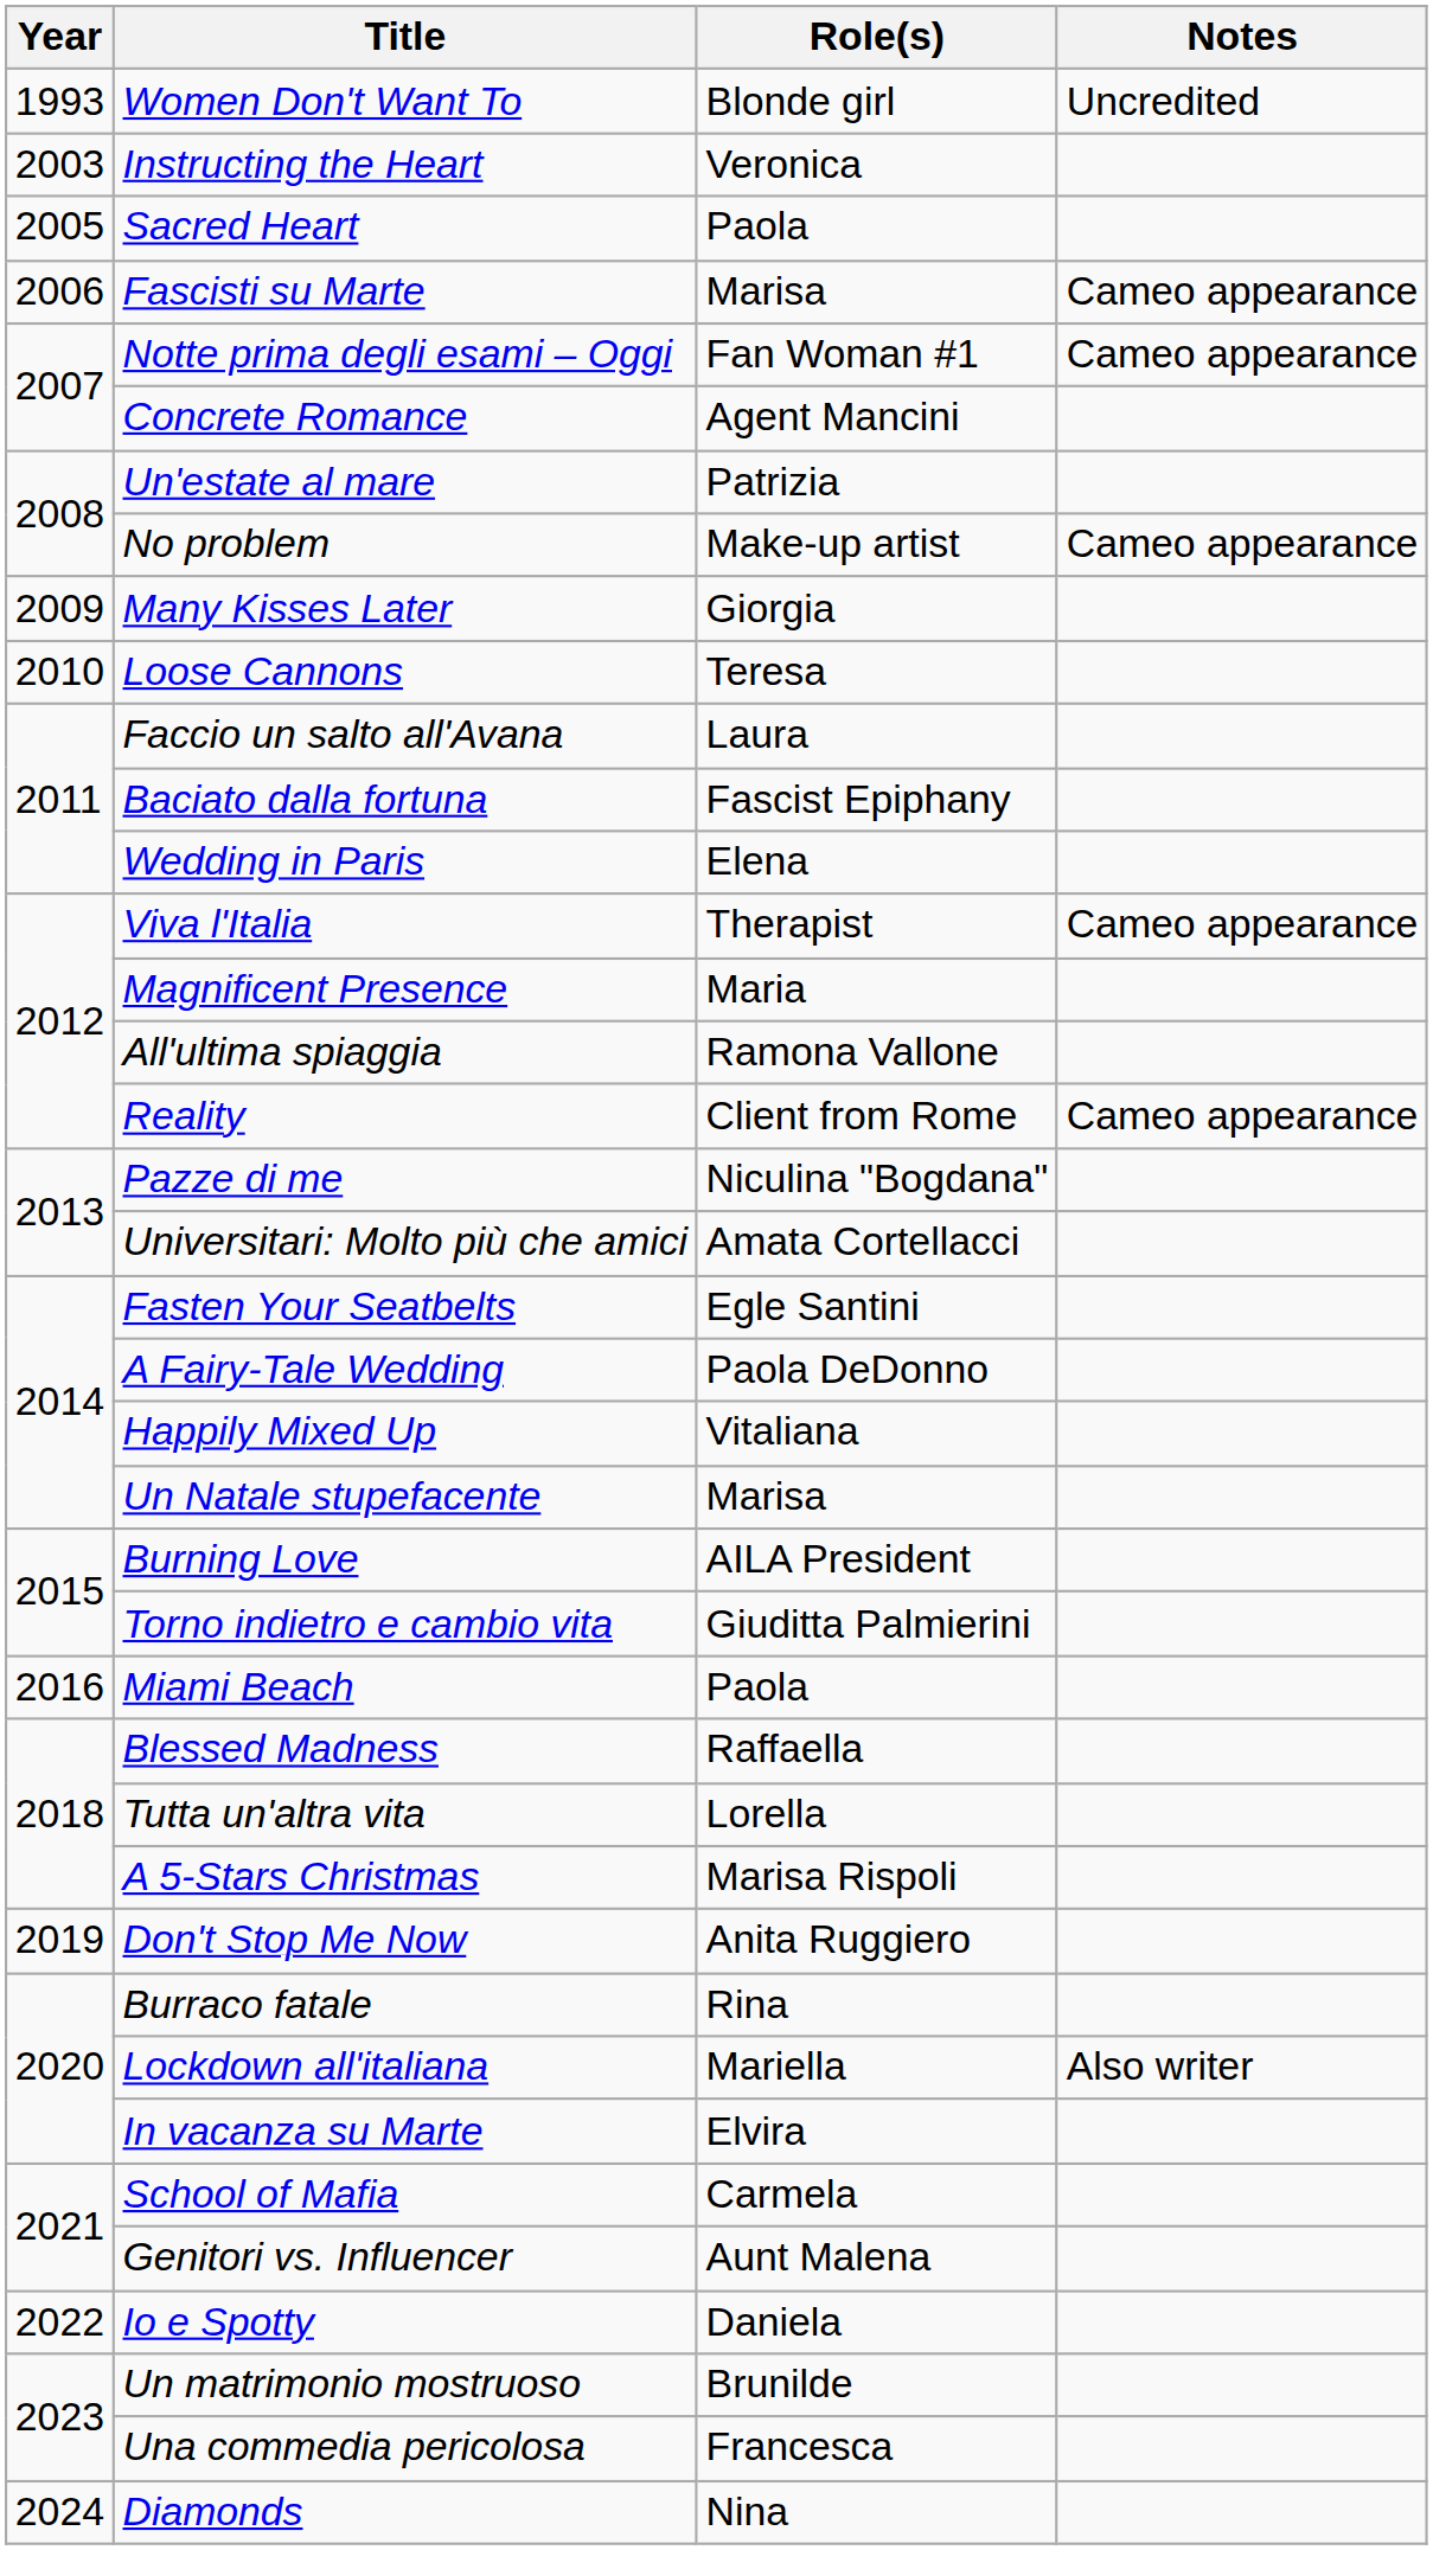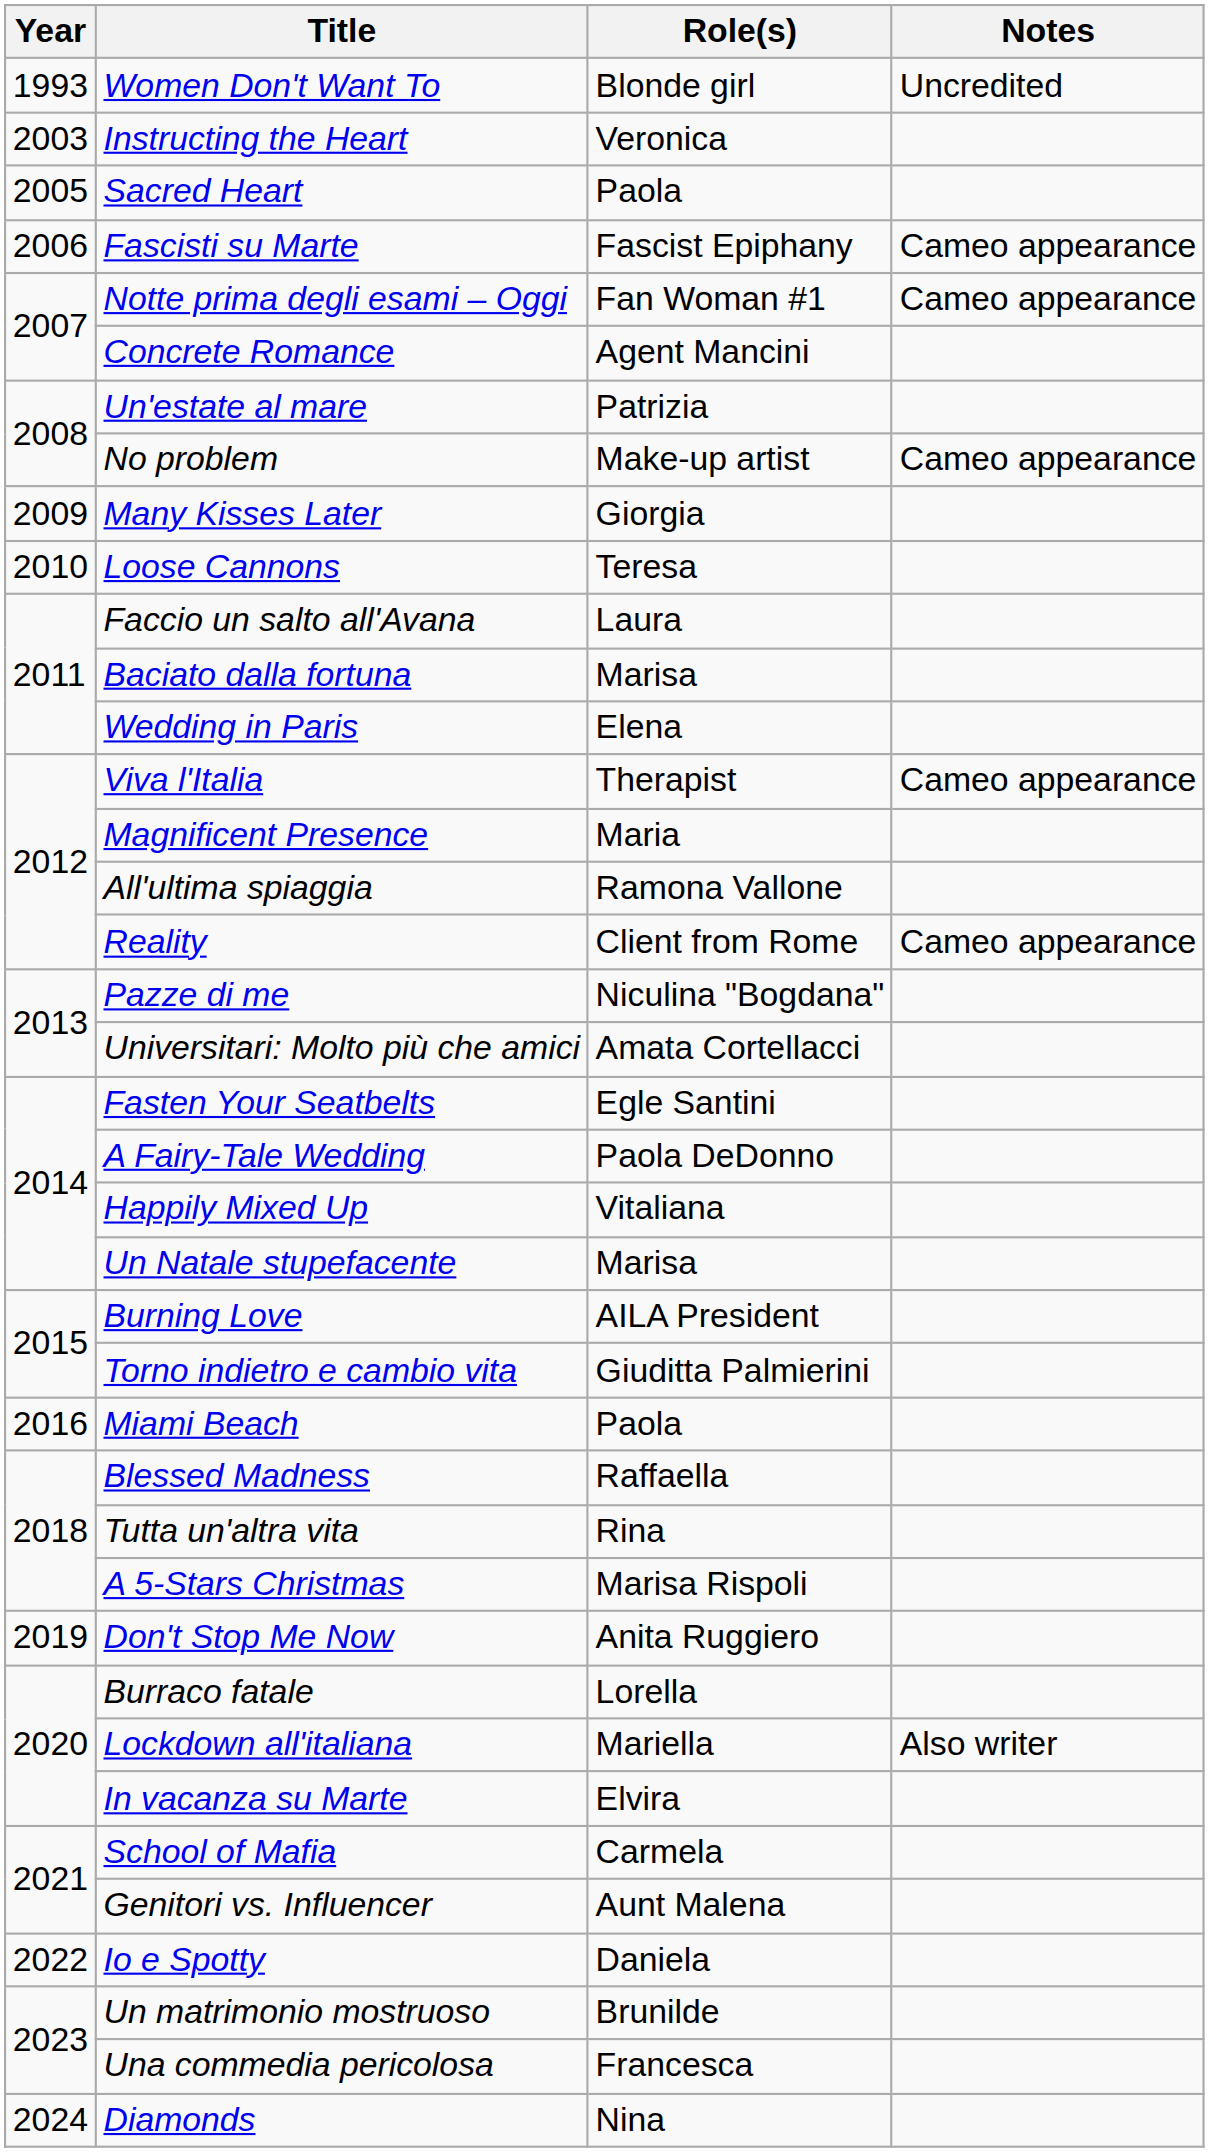 <table class="wikitable plainrowheaders sortable">
 <tr>
 <th scope="col">Year</th>
 <th scope="col">Title</th>
 <th scope="col">Role(s)</th>
 <th scope="col" class="unsortable">Notes</th>
 </tr>
 <tr>
 <td>1993</td>
 <td><em><a href='#'>Women Don't Want To</a></em></td>
 <td>Blonde girl</td>
 <td>Uncredited</td>
 </tr>
 <tr>
 <td>2003</td>
 <td><em><a href='#'>Instructing the Heart</a></em></td>
 <td>Veronica</td>
 <td></td>
 </tr>
 <tr>
 <td>2005</td>
 <td><em><a href='#'>Sacred Heart</a></em></td>
 <td>Paola</td>
 <td></td>
 </tr>
 <tr>
 <td>2006</td>
 <td><em><a href='#'>Fascisti su Marte</a></em></td>
-<td>Marisa</td>
+<td>Fascist Epiphany</td>
 <td>Cameo appearance</td>
 </tr>
 <tr>
 <td rowspan="2">2007</td>
 <td><em><a href='#'>Notte prima degli esami – Oggi</a></em></td>
 <td>Fan Woman #1</td>
 <td>Cameo appearance</td>
 </tr>
 <tr>
 <td><em><a href='#'>Concrete Romance</a></em></td>
 <td>Agent Mancini</td>
 <td></td>
 </tr>
 <tr>
 <td rowspan="2">2008</td>
 <td><em><a href='#'>Un'estate al mare</a></em></td>
 <td>Patrizia</td>
 <td></td>
 </tr>
 <tr>
 <td><em>No problem</em></td>
 <td>Make-up artist</td>
 <td>Cameo appearance</td>
 </tr>
 <tr>
 <td>2009</td>
 <td><em><a href='#'>Many Kisses Later</a></em></td>
 <td>Giorgia</td>
 <td></td>
 </tr>
 <tr>
 <td>2010</td>
 <td><em><a href='#'>Loose Cannons</a></em></td>
 <td>Teresa</td>
 <td></td>
 </tr>
 <tr>
 <td rowspan="3">2011</td>
 <td><em>Faccio un salto all'Avana</em></td>
 <td>Laura</td>
 <td></td>
 </tr>
 <tr>
 <td><em><a href='#'>Baciato dalla fortuna</a></em></td>
-<td>Fascist Epiphany</td>
+<td>Marisa</td>
 <td></td>
 </tr>
 <tr>
 <td><em><a href='#'>Wedding in Paris</a></em></td>
 <td>Elena</td>
 <td></td>
 </tr>
 <tr>
 <td rowspan="4">2012</td>
 <td><em><a href='#'>Viva l'Italia</a></em></td>
 <td>Therapist</td>
 <td>Cameo appearance</td>
 </tr>
 <tr>
 <td><em><a href='#'>Magnificent Presence</a></em></td>
 <td>Maria</td>
 <td></td>
 </tr>
 <tr>
 <td><em>All'ultima spiaggia</em></td>
 <td>Ramona Vallone</td>
 <td></td>
 </tr>
 <tr>
 <td><em><a href='#'>Reality</a></em></td>
 <td>Client from Rome</td>
 <td>Cameo appearance</td>
 </tr>
 <tr>
 <td rowspan="2">2013</td>
 <td><em><a href='#'>Pazze di me</a></em></td>
 <td>Niculina "Bogdana"</td>
 <td></td>
 </tr>
 <tr>
 <td><em>Universitari: Molto più che amici</em></td>
 <td>Amata Cortellacci</td>
 <td></td>
 </tr>
 <tr>
 <td rowspan="4">2014</td>
 <td><em><a href='#'>Fasten Your Seatbelts</a></em></td>
 <td>Egle Santini</td>
 <td></td>
 </tr>
 <tr>
 <td><em><a href='#'>A Fairy-Tale Wedding</a></em></td>
 <td>Paola DeDonno</td>
 <td></td>
 </tr>
 <tr>
 <td><em><a href='#'>Happily Mixed Up</a></em></td>
 <td>Vitaliana</td>
 <td></td>
 </tr>
 <tr>
 <td><em><a href='#'>Un Natale stupefacente</a></em></td>
 <td>Marisa</td>
 <td></td>
 </tr>
 <tr>
 <td rowspan="2">2015</td>
 <td><em><a href='#'>Burning Love</a></em></td>
 <td>AILA President</td>
 <td></td>
 </tr>
 <tr>
 <td><em><a href='#'>Torno indietro e cambio vita</a></em></td>
 <td>Giuditta Palmierini</td>
 <td></td>
 </tr>
 <tr>
 <td>2016</td>
 <td><em><a href='#'>Miami Beach</a></em></td>
 <td>Paola</td>
 <td></td>
 </tr>
 <tr>
 <td rowspan="3">2018</td>
 <td><em><a href='#'>Blessed Madness</a></em></td>
 <td>Raffaella</td>
 <td></td>
 </tr>
 <tr>
 <td><em>Tutta un'altra vita</em></td>
-<td>Lorella</td>
+<td>Rina</td>
 <td></td>
 </tr>
 <tr>
 <td><em><a href='#'>A 5-Stars Christmas</a></em></td>
 <td>Marisa Rispoli</td>
 <td></td>
 </tr>
 <tr>
 <td>2019</td>
 <td><em><a href='#'>Don't Stop Me Now</a></em></td>
 <td>Anita Ruggiero</td>
 <td></td>
 </tr>
 <tr>
 <td rowspan="3">2020</td>
 <td><em>Burraco fatale</em></td>
-<td>Rina</td>
+<td>Lorella</td>
 <td></td>
 </tr>
 <tr>
 <td><em><a href='#'>Lockdown all'italiana</a></em></td>
 <td>Mariella</td>
 <td>Also writer</td>
 </tr>
 <tr>
 <td><em><a href='#'>In vacanza su Marte</a></em></td>
 <td>Elvira</td>
 <td></td>
 </tr>
 <tr>
 <td rowspan="2">2021</td>
 <td><em><a href='#'>School of Mafia</a></em></td>
 <td>Carmela</td>
 <td></td>
 </tr>
 <tr>
 <td><em>Genitori vs. Influencer</em></td>
 <td>Aunt Malena</td>
 <td></td>
 </tr>
 <tr>
 <td>2022</td>
 <td><em><a href='#'>Io e Spotty</a></em></td>
 <td>Daniela</td>
 <td></td>
 </tr>
 <tr>
 <td rowspan=2>2023</td>
 <td><em>Un matrimonio mostruoso</em></td>
 <td>Brunilde</td>
 <td></td>
 </tr>
 <tr>
 <td><em>Una commedia pericolosa</em></td>
 <td>Francesca</td>
 <td></td>
 </tr>
 <tr>
 <td>2024</td>
 <td><em><a href='#'>Diamonds</a></em></td>
 <td>Nina</td>
 <td></td>
 </tr>
 </table>
